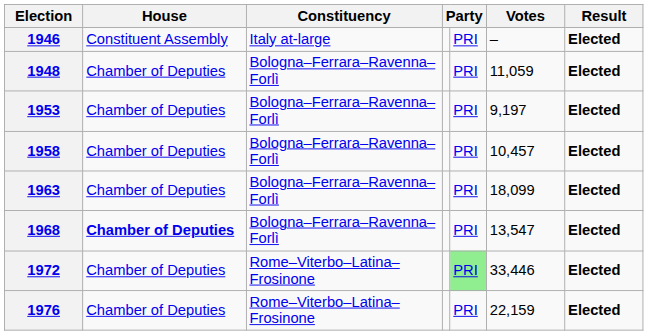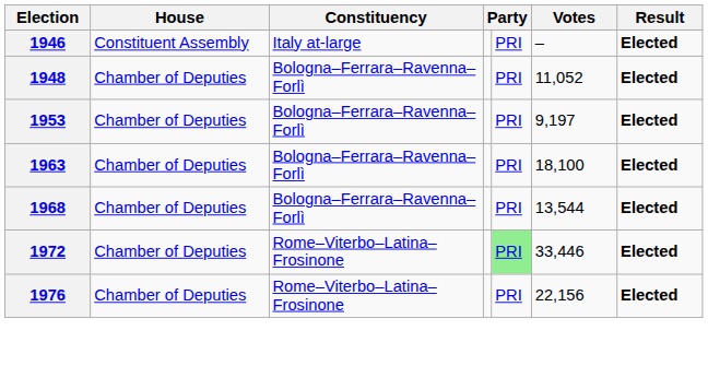 <table class=wikitable style="width:55%; border:1px #AAAAFF solid">
 <tr>
 <th width=12%>Election</th>
 <th width=25%>House</th>
 <th width=30%>Constituency</th>
 <th width=5% colspan="2">Party</th>
 <th width=12%>Votes</th>
 <th width=12%>Result</th>
 </tr>
 <tr>
 <th><a href='#'>1946</a></th>
 <td><a href='#'>Constituent Assembly</a></td>
 <td><a href='#'>Italy at-large</a></td>
 <td></td>
 <td><a href='#'>PRI</a></td>
 <td>–</td>
 <td> <strong>Elected</strong></td>
 </tr>
 <tr>
 <th><a href='#'>1948</a></th>
 <td><a href='#'>Chamber of Deputies</a></td>
 <td><a href='#'>Bologna–Ferrara–Ravenna–Forlì</a></td>
 <td></td>
 <td><a href='#'>PRI</a></td>
-<td>11,059</td>
+<td>11,052</td>
 <td> <strong>Elected</strong></td>
 </tr>
 <tr>
 <th><a href='#'>1953</a></th>
 <td><a href='#'>Chamber of Deputies</a></td>
 <td><a href='#'>Bologna–Ferrara–Ravenna–Forlì</a></td>
 <td></td>
 <td><a href='#'>PRI</a></td>
 <td>9,197</td>
 <td> <strong>Elected</strong></td>
 </tr>
 <tr>
-<th><a href='#'>1958</a></th>
-<td><a href='#'>Chamber of Deputies</a></td>
-<td><a href='#'>Bologna–Ferrara–Ravenna–Forlì</a></td>
-<td></td>
-<td><a href='#'>PRI</a></td>
-<td>10,457</td>
-<td> <strong>Elected</strong></td>
-</tr>
-<tr>
 <th><a href='#'>1963</a></th>
 <td><a href='#'>Chamber of Deputies</a></td>
 <td><a href='#'>Bologna–Ferrara–Ravenna–Forlì</a></td>
 <td></td>
 <td><a href='#'>PRI</a></td>
-<td>18,099</td>
+<td>18,100</td>
 <td> <strong>Elected</strong></td>
 </tr>
 <tr>
 <th><a href='#'>1968</a></th>
-<td><strong><a href='#'>Chamber of Deputies</a></strong></td>
+<td><a href='#'>Chamber of Deputies</a></td>
 <td><a href='#'>Bologna–Ferrara–Ravenna–Forlì</a></td>
 <td></td>
 <td><a href='#'>PRI</a></td>
-<td>13,547</td>
+<td>13,544</td>
 <td> <strong>Elected</strong></td>
 </tr>
 <tr>
 <th><a href='#'>1972</a></th>
 <td><a href='#'>Chamber of Deputies</a></td>
 <td><a href='#'>Rome–Viterbo–Latina–Frosinone</a></td>
 <td></td>
 <td style="background: lightgreen;"><a href='#'>PRI</a></td>
 <td>33,446</td>
 <td> <strong>Elected</strong></td>
 </tr>
 <tr>
 <th><a href='#'>1976</a></th>
 <td><a href='#'>Chamber of Deputies</a></td>
 <td><a href='#'>Rome–Viterbo–Latina–Frosinone</a></td>
 <td></td>
 <td><a href='#'>PRI</a></td>
-<td>22,159</td>
+<td>22,156</td>
 <td> <strong>Elected</strong></td>
 </tr>
 </table>
